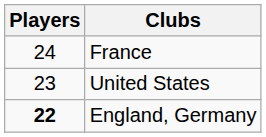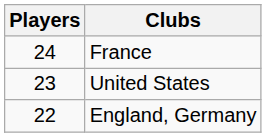 <table class="wikitable">
 <tr>
 <th>Players</th>
 <th>Clubs</th>
 </tr>
 <tr>
 <td align="center">24</td>
 <td> France</td>
 </tr>
 <tr>
 <td align="center">23</td>
 <td> United States</td>
 </tr>
 <tr>
-<td align="center"><strong>22</strong></td>
+<td align="center">22</td>
 <td> England,  Germany</td>
 </tr>
 </table>
